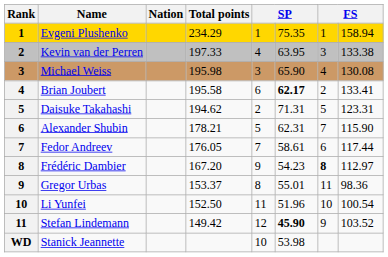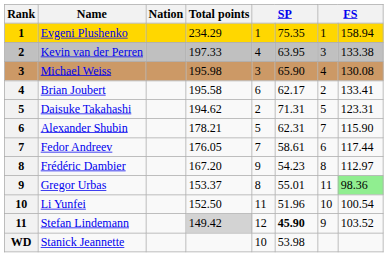 <table class="wikitable">
 <tr>
 <th>Rank</th>
 <th>Name</th>
 <th>Nation</th>
 <th>Total points</th>
 <th colspan="2" width="80px"><a href='#'>SP</a></th>
 <th colspan="2" width="80px"><a href='#'>FS</a></th>
 </tr>
 <tr bgcolor="gold">
 <td align="center"><strong>1</strong></td>
 <td><a href='#'>Evgeni Plushenko</a></td>
 <td></td>
 <td>234.29</td>
 <td>1</td>
 <td>75.35</td>
 <td>1</td>
 <td>158.94</td>
 </tr>
 <tr bgcolor="silver">
 <td align="center"><strong>2</strong></td>
 <td><a href='#'>Kevin van der Perren</a></td>
 <td></td>
 <td>197.33</td>
 <td>4</td>
 <td>63.95</td>
 <td>3</td>
 <td>133.38</td>
 </tr>
 <tr bgcolor="cc9966">
 <td align="center"><strong>3</strong></td>
 <td><a href='#'>Michael Weiss</a></td>
 <td></td>
 <td>195.98</td>
 <td>3</td>
 <td>65.90</td>
 <td>4</td>
 <td>130.08</td>
 </tr>
 <tr>
 <th>4</th>
 <td><a href='#'>Brian Joubert</a></td>
 <td></td>
 <td>195.58</td>
 <td>6</td>
-<td><strong>62.17</strong></td>
+<td>62.17</td>
 <td>2</td>
 <td>133.41</td>
 </tr>
 <tr>
 <th>5</th>
 <td><a href='#'>Daisuke Takahashi</a></td>
 <td></td>
 <td>194.62</td>
 <td>2</td>
 <td>71.31</td>
 <td>5</td>
 <td>123.31</td>
 </tr>
 <tr>
 <th>6</th>
 <td><a href='#'>Alexander Shubin</a></td>
 <td></td>
 <td>178.21</td>
 <td>5</td>
 <td>62.31</td>
 <td>7</td>
 <td>115.90</td>
 </tr>
 <tr>
 <th>7</th>
 <td><a href='#'>Fedor Andreev</a></td>
 <td></td>
 <td>176.05</td>
 <td>7</td>
 <td>58.61</td>
 <td>6</td>
 <td>117.44</td>
 </tr>
 <tr>
 <th>8</th>
 <td><a href='#'>Frédéric Dambier</a></td>
 <td></td>
 <td>167.20</td>
 <td>9</td>
 <td>54.23</td>
-<td><strong>8</strong></td>
+<td>8</td>
 <td>112.97</td>
 </tr>
 <tr>
 <th>9</th>
 <td><a href='#'>Gregor Urbas</a></td>
 <td></td>
 <td>153.37</td>
 <td>8</td>
 <td>55.01</td>
 <td>11</td>
-<td>98.36</td>
+<td style="background: lightgreen;">98.36</td>
 </tr>
 <tr>
 <th>10</th>
 <td><a href='#'>Li Yunfei</a></td>
 <td></td>
 <td>152.50</td>
 <td>11</td>
 <td>51.96</td>
 <td>10</td>
 <td>100.54</td>
 </tr>
 <tr>
 <th>11</th>
 <td><a href='#'>Stefan Lindemann</a></td>
 <td></td>
-<td>149.42</td>
+<td style="background: lightgrey;">149.42</td>
 <td>12</td>
 <td><strong>45.90</strong></td>
 <td>9</td>
 <td>103.52</td>
 </tr>
 <tr>
 <th>WD</th>
 <td><a href='#'>Stanick Jeannette</a></td>
 <td></td>
 <td></td>
 <td>10</td>
 <td>53.98</td>
 <td></td>
 <td></td>
 </tr>
 </table>
